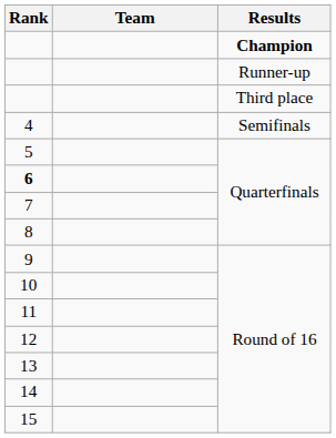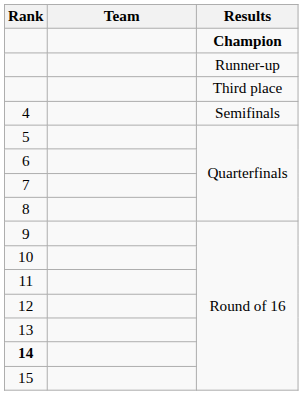 <table class="wikitable" style="text-align:center">
 <tr>
 <th width="25">Rank</th>
 <th width="150">Team</th>
 <th width="100">Results</th>
 </tr>
 <tr>
 <td></td>
 <td align="left"><strong></strong></td>
 <td><strong>Champion</strong></td>
 </tr>
 <tr>
 <td></td>
 <td align="left"></td>
 <td>Runner-up</td>
 </tr>
 <tr>
 <td></td>
 <td align="left"></td>
 <td>Third place</td>
 </tr>
 <tr>
 <td>4</td>
 <td align="left"></td>
 <td>Semifinals</td>
 </tr>
 <tr>
 <td>5</td>
 <td align="left"></td>
 <td rowspan="4">Quarterfinals</td>
 </tr>
 <tr>
-<td><strong>6</strong></td>
+<td>6</td>
 <td align="left"></td>
 </tr>
 <tr>
 <td>7</td>
 <td align="left"></td>
 </tr>
 <tr>
 <td>8</td>
 <td align="left"></td>
 </tr>
 <tr>
 <td>9</td>
 <td align="left"></td>
 <td rowspan="7">Round of 16</td>
 </tr>
 <tr>
 <td>10</td>
 <td align="left"></td>
 </tr>
 <tr>
 <td>11</td>
 <td align="left"></td>
 </tr>
 <tr>
 <td>12</td>
 <td align="left"></td>
 </tr>
 <tr>
 <td>13</td>
 <td align="left"></td>
 </tr>
 <tr>
-<td>14</td>
+<td><strong>14</strong></td>
 <td align="left"></td>
 </tr>
 <tr>
 <td>15</td>
 <td align="left"></td>
 </tr>
 </table>
